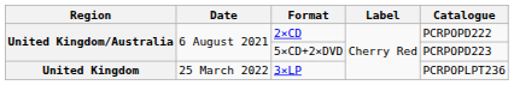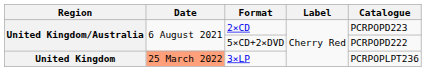 <table class="wikitable plainrowheaders">
 <tr>
 <th scope="col">Region</th>
 <th scope="col">Date</th>
 <th scope="col">Format</th>
 <th scope="col">Label</th>
 <th scope="col">Catalogue</th>
 </tr>
 <tr>
 <th scope="row" rowspan="2">United Kingdom/Australia</th>
 <td rowspan="2">6 August 2021</td>
 <td><a href='#'>2×CD</a></td>
 <td rowspan="3">Cherry Red</td>
+<td>PCRPOPD223</td>
+</tr>
+<tr>
+<td>5×CD+2×DVD</td>
 <td>PCRPOPD222</td>
 </tr>
 <tr>
-<td>5×CD+2×DVD</td>
-<td>PCRPOPD223</td>
-</tr>
-<tr>
 <th scope="row">United Kingdom</th>
-<td>25 March 2022</td>
+<td style="background: lightsalmon;">25 March 2022</td>
 <td><a href='#'>3×LP</a></td>
 <td>PCRPOPLPT236</td>
 </tr>
 </table>
